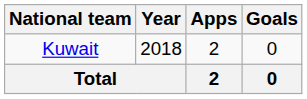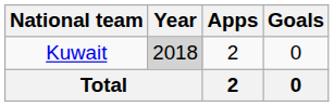 <table class="wikitable" style="text-align:center">
 <tr>
 <th>National team</th>
 <th>Year</th>
 <th>Apps</th>
 <th>Goals</th>
 </tr>
 <tr>
 <td rowspan="1"><a href='#'>Kuwait</a></td>
-<td>2018</td>
+<td style="background: lightgrey;">2018</td>
 <td>2</td>
 <td>0</td>
 </tr>
 <tr>
 <th colspan="2">Total</th>
 <th>2</th>
 <th>0</th>
 </tr>
 </table>
